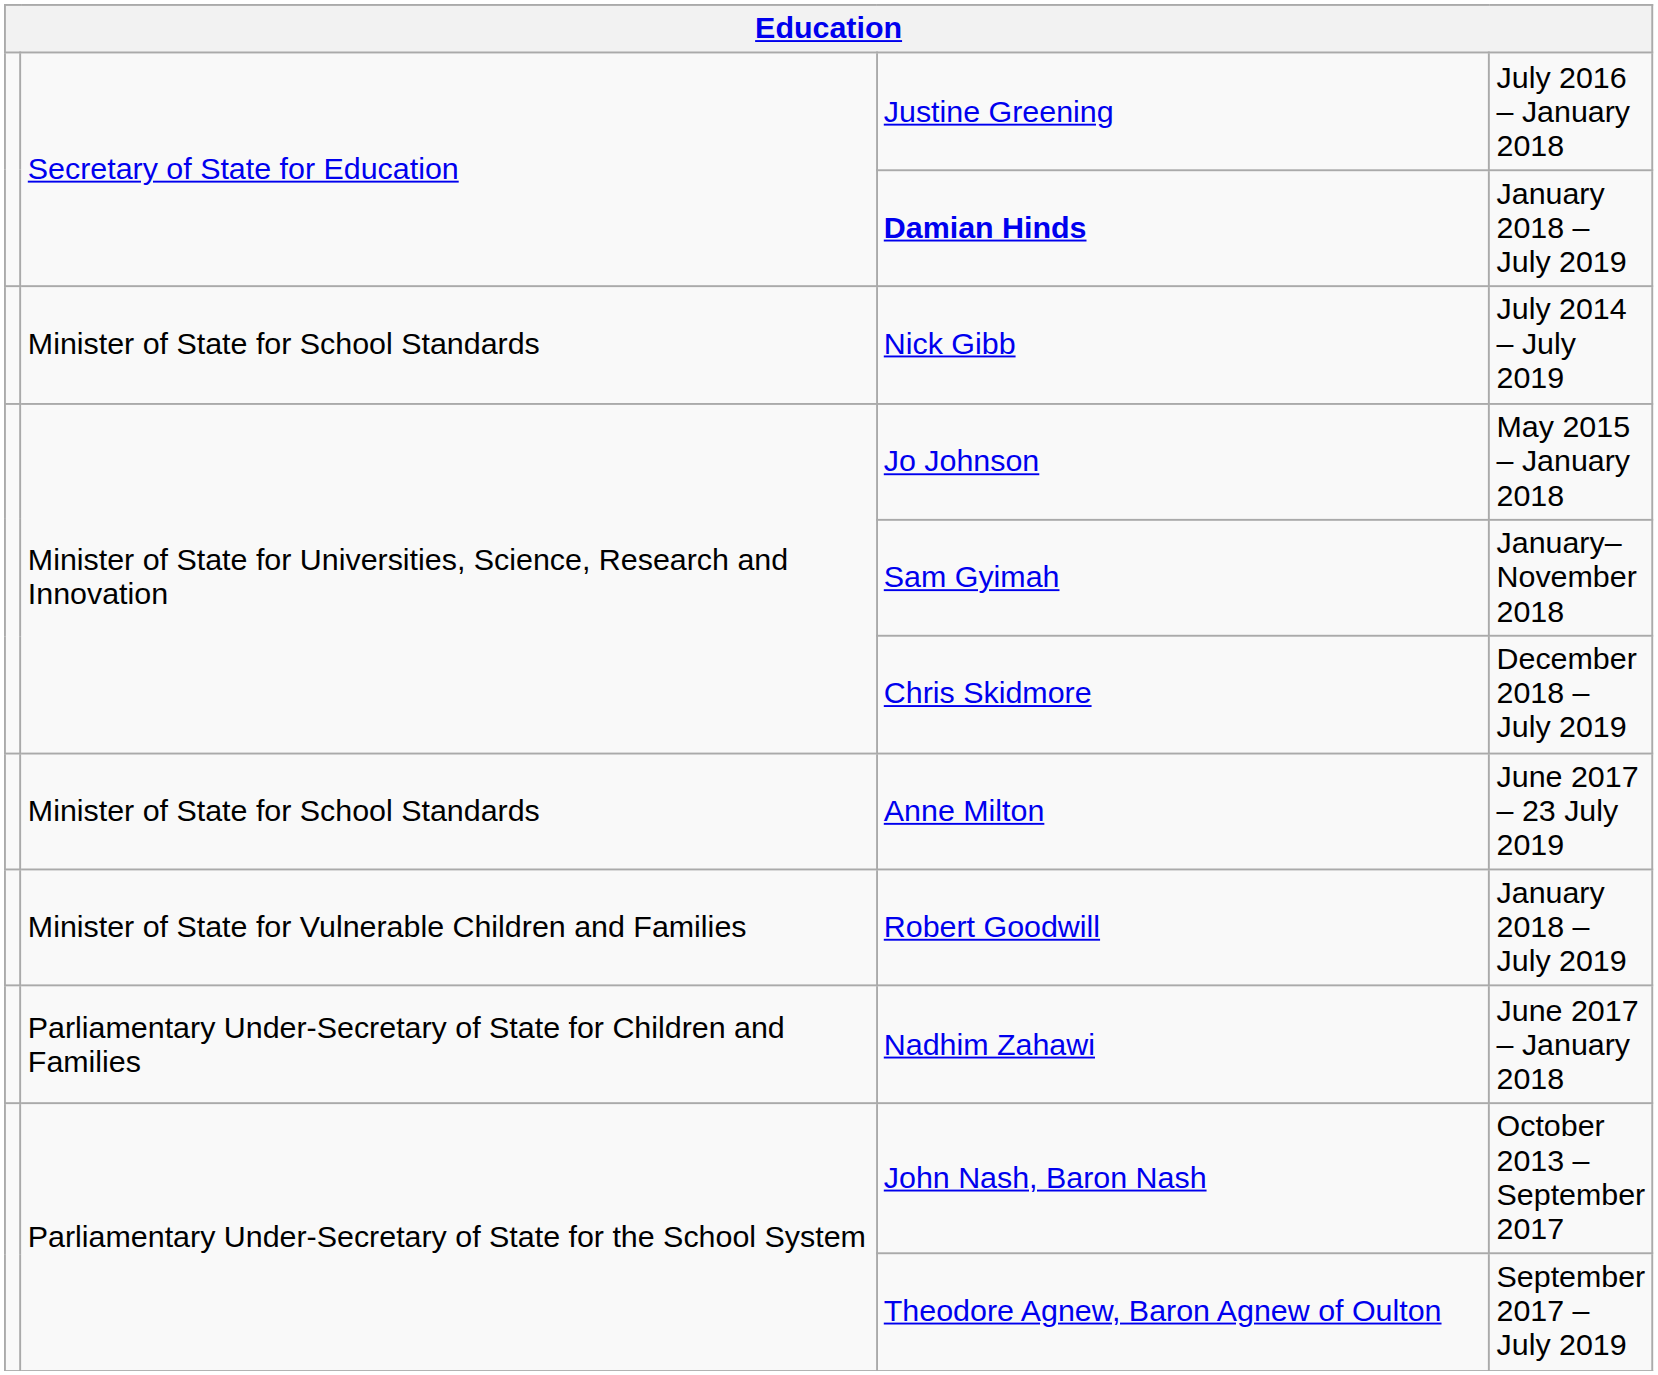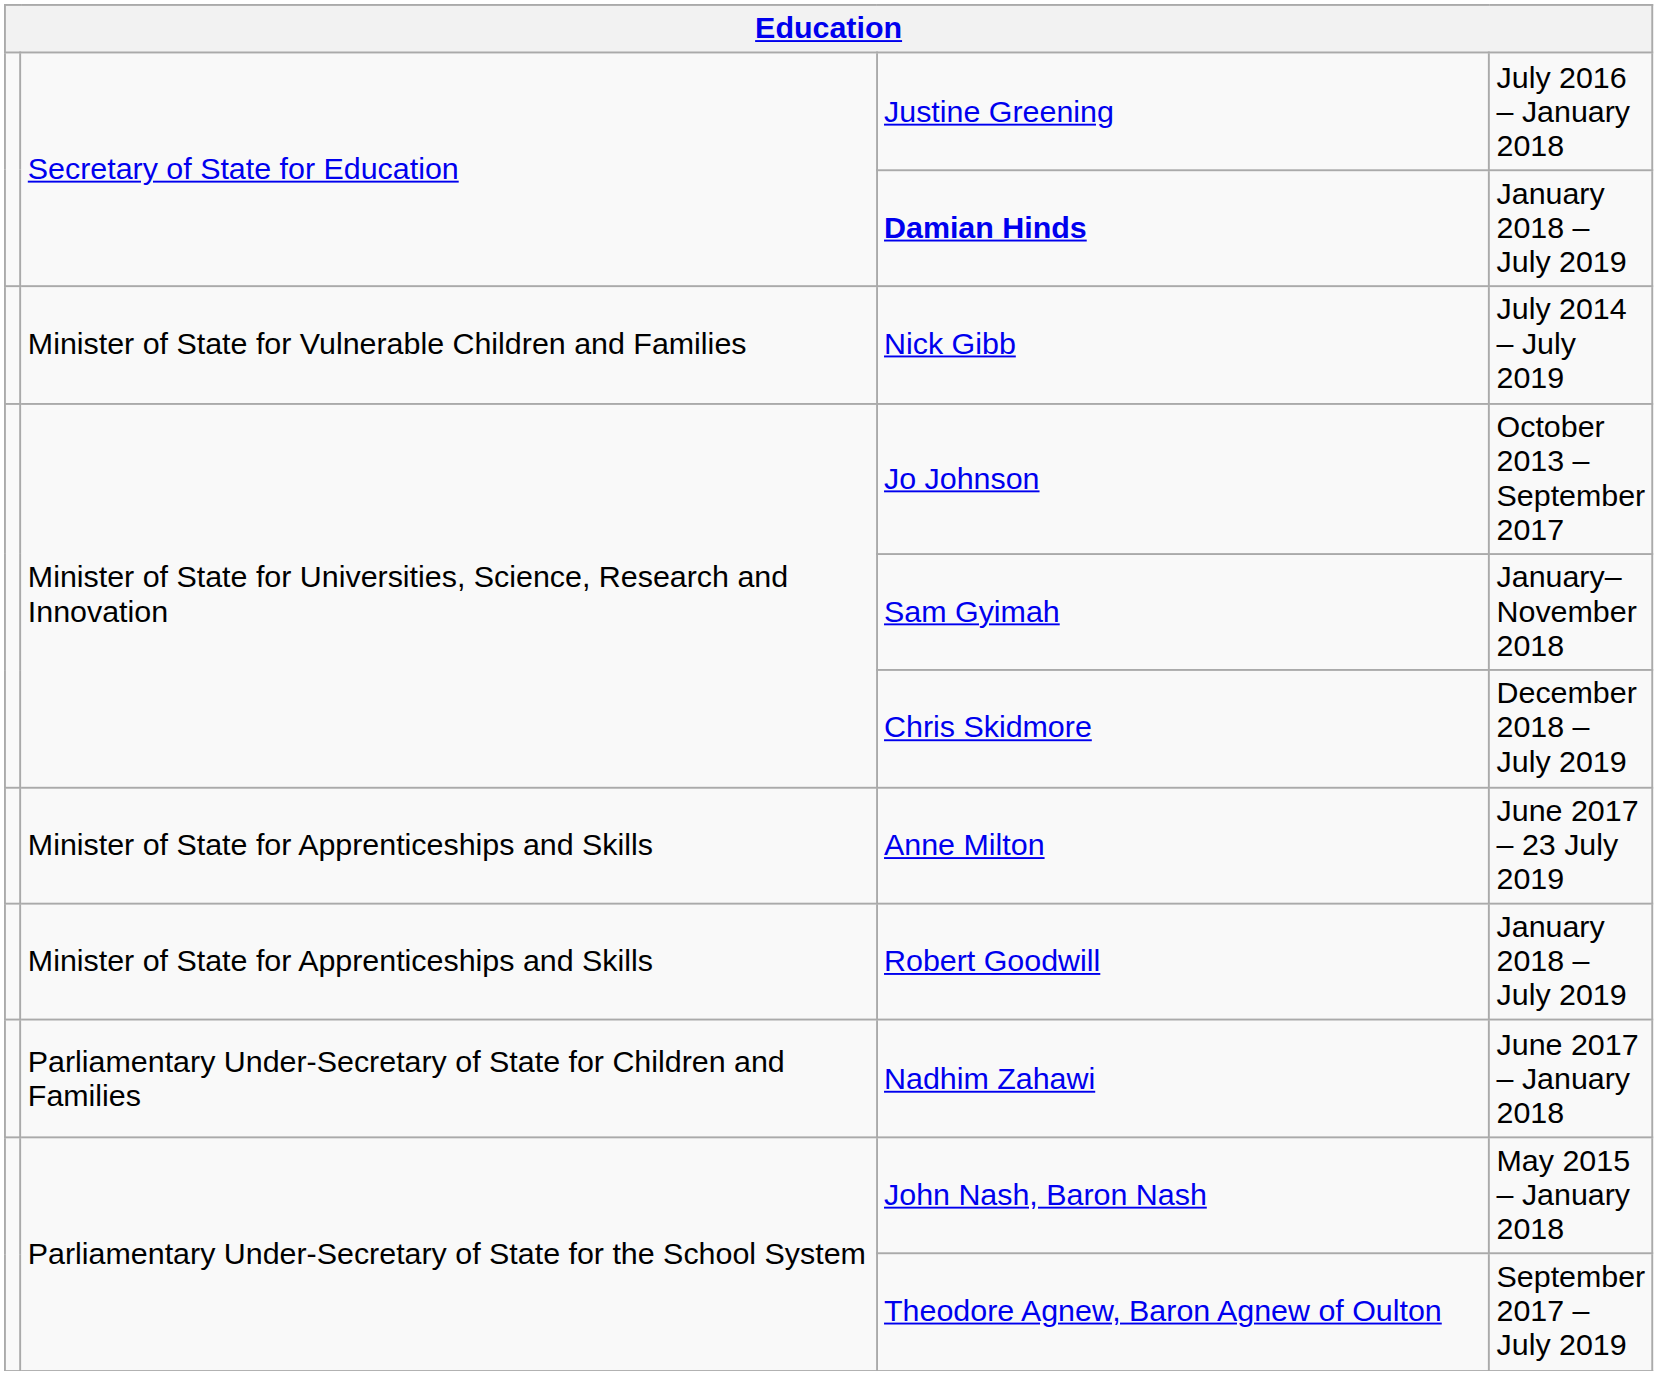 <table class="wikitable">
 <tr>
 <th colspan="4"><a href='#'>Education</a></th>
 </tr>
 <tr>
 <td rowspan="2" style="width: 1px; background: "></td>
 <td rowspan="2" style="width: 450px;"><a href='#'>Secretary of State for Education</a></td>
 <td style="width: 320px;"><a href='#'>Justine Greening</a><br></td>
 <td>July 2016 – January 2018</td>
 </tr>
 <tr>
 <td><strong><a href='#'>Damian Hinds</a></strong></td>
 <td>January 2018 – July 2019</td>
 </tr>
 <tr>
 <td style="width: 1px; background: "></td>
-<td>Minister of State for School Standards</td>
+<td>Minister of State for Vulnerable Children and Families</td>
 <td><a href='#'>Nick Gibb</a><br></td>
 <td>July 2014 – July 2019</td>
 </tr>
 <tr>
 <td rowspan="3" style="width: 1px; background: "></td>
 <td rowspan="3">Minister of State for Universities, Science, Research and Innovation<br></td>
 <td><a href='#'>Jo Johnson</a></td>
-<td>May 2015 – January 2018</td>
+<td>October 2013 – September 2017</td>
 </tr>
 <tr>
 <td><a href='#'>Sam Gyimah</a></td>
 <td>January–November 2018</td>
 </tr>
 <tr>
 <td><a href='#'>Chris Skidmore</a></td>
 <td>December 2018 – July 2019</td>
 </tr>
 <tr>
 <td style="width: 1px; background: "></td>
-<td>Minister of State for School Standards</td>
+<td>Minister of State for Apprenticeships and Skills</td>
 <td><a href='#'>Anne Milton</a><br></td>
 <td>June 2017 – 23 July 2019</td>
 </tr>
 <tr>
 <td style="width: 1px; background: "></td>
-<td>Minister of State for Vulnerable Children and Families</td>
+<td>Minister of State for Apprenticeships and Skills</td>
 <td><a href='#'>Robert Goodwill</a></td>
 <td>January 2018 – July 2019</td>
 </tr>
 <tr>
 <td style="width: 1px; background: "></td>
 <td>Parliamentary Under-Secretary of State for Children and Families</td>
 <td><a href='#'>Nadhim Zahawi</a></td>
 <td>June 2017 – January 2018</td>
 </tr>
 <tr>
 <td rowspan="2" style="width: 1px; background: "></td>
 <td rowspan="2">Parliamentary Under-Secretary of State for the School System</td>
 <td><a href='#'>John Nash, Baron Nash</a><br></td>
-<td>October 2013 – September 2017</td>
+<td>May 2015 – January 2018</td>
 </tr>
 <tr>
 <td><a href='#'>Theodore Agnew, Baron Agnew of Oulton</a><br></td>
 <td>September 2017 – July 2019</td>
 </tr>
 </table>
